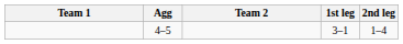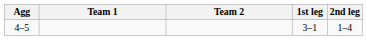 <table class="wikitable" style="text-align:center">
 <tr>
+<th width=50>Agg</th>
 <th width=200>Team 1</th>
-<th width=50>Agg</th>
 <th width=200>Team 2</th>
 <th width=50>1st leg</th>
 <th width=50>2nd leg</th>
 </tr>
 <tr>
+<td>4–5</td>
 <td align=right></td>
-<td>4–5</td>
 <td align=left><strong></strong></td>
 <td>3–1</td>
 <td>1–4</td>
 </tr>
 </table>
